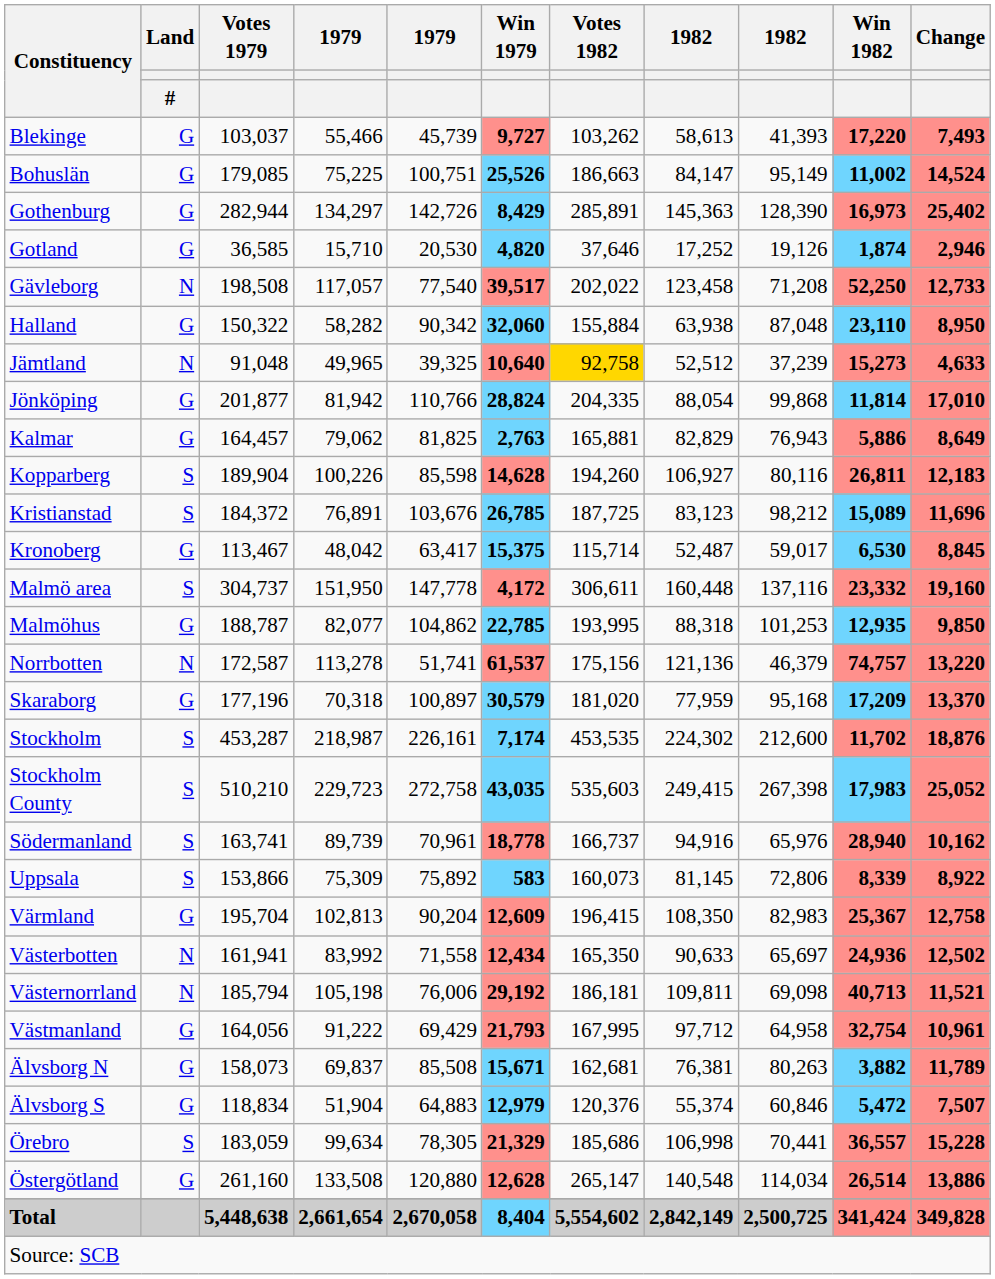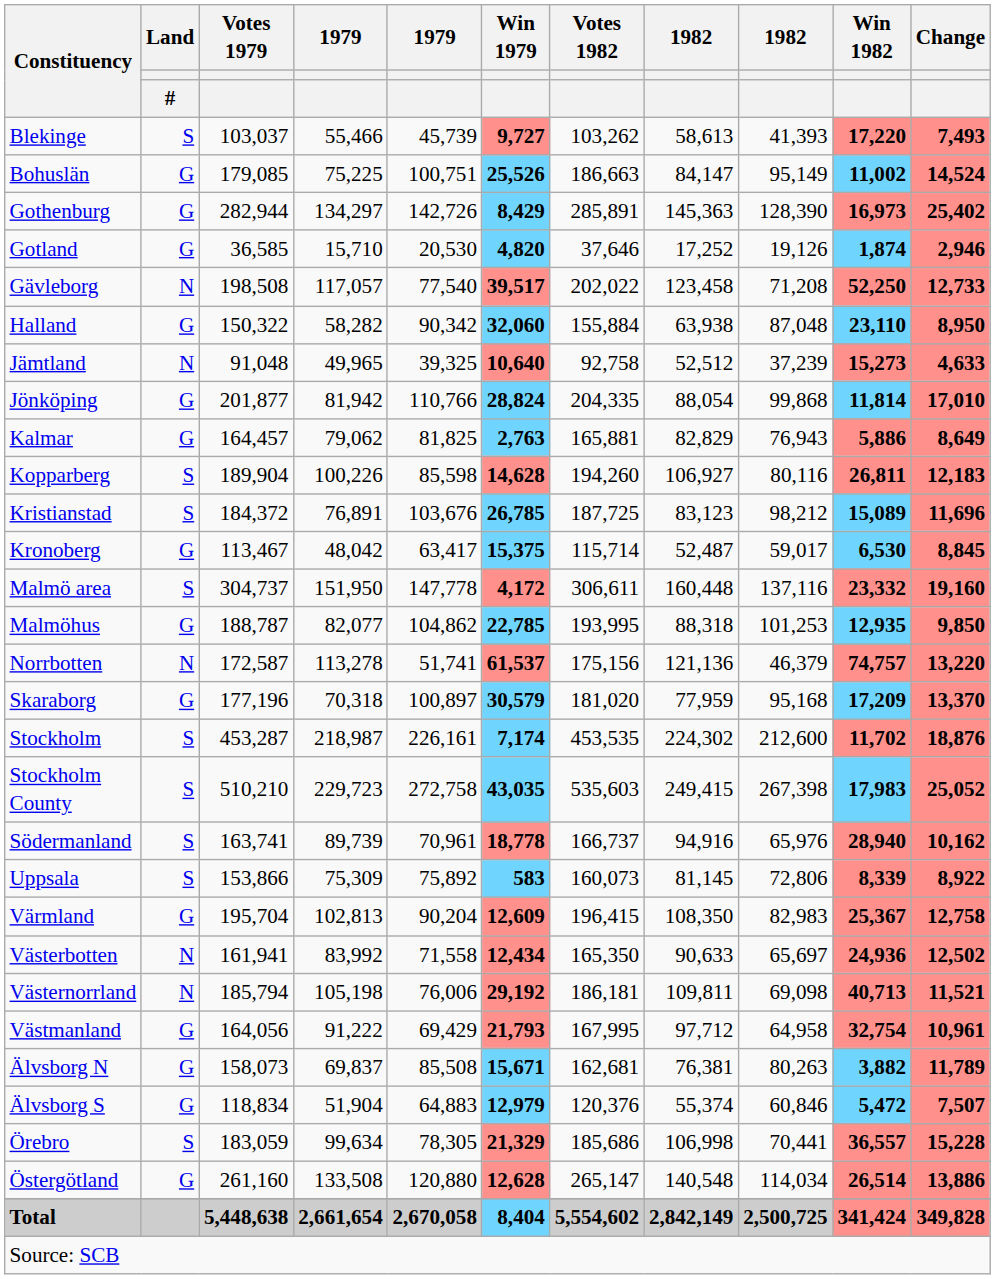 <table class="wikitable sortable" style="text-align:right; font-size:95%; line-height:20px;">
 <tr>
 <th rowspan="3">Constituency</th>
 <th>Land</th>
 <th width="30px" class="unsortable">Votes 1979</th>
 <th> 1979</th>
 <th> 1979</th>
 <th width="30px" class="unsortable">Win 1979</th>
 <th width="30px" class="unsortable">Votes 1982</th>
 <th> 1982</th>
 <th> 1982</th>
 <th width="30px" class="unsortable">Win 1982</th>
 <th width="30px" class="unsortable">Change</th>
 </tr>
 <tr>
 <th></th>
 <th></th>
 <th style="background:"></th>
 <th style="background:"></th>
 <th></th>
 <th></th>
 <th style="background:"></th>
 <th style="background:"></th>
 <th></th>
 <th></th>
 </tr>
 <tr>
 <th data-sort-type="number">#</th>
 <th data-sort-type="number"></th>
 <th data-sort-type="number"></th>
 <th data-sort-type="number"></th>
 <th data-sort-type="number"></th>
 <th data-sort-type="number"></th>
 <th data-sort-type="number"></th>
 <th data-sort-type="number"></th>
 <th data-sort-type="number"></th>
 <th data-sort-type="number"></th>
 </tr>
 <tr>
 <td align="left"><a href='#'>Blekinge</a></td>
-<td><a href='#'>G</a></td>
+<td><a href='#'>S</a></td>
 <td>103,037</td>
 <td>55,466</td>
 <td>45,739</td>
 <td bgcolor=#ff908c><strong>9,727</strong></td>
 <td>103,262</td>
 <td>58,613</td>
 <td>41,393</td>
 <td bgcolor=#ff908c><strong>17,220</strong></td>
 <td bgcolor=#ff908c><strong>7,493</strong></td>
 </tr>
 <tr>
 <td align="left"><a href='#'>Bohuslän</a></td>
 <td><a href='#'>G</a></td>
 <td>179,085</td>
 <td>75,225</td>
 <td>100,751</td>
 <td bgcolor=#6fd5fe><strong>25,526</strong></td>
 <td>186,663</td>
 <td>84,147</td>
 <td>95,149</td>
 <td bgcolor=#6fd5fe><strong>11,002</strong></td>
 <td bgcolor=#ff908c><strong>14,524</strong></td>
 </tr>
 <tr>
 <td align="left"><a href='#'>Gothenburg</a></td>
 <td><a href='#'>G</a></td>
 <td>282,944</td>
 <td>134,297</td>
 <td>142,726</td>
 <td bgcolor=#6fd5fe><strong>8,429</strong></td>
 <td>285,891</td>
 <td>145,363</td>
 <td>128,390</td>
 <td bgcolor=#ff908c><strong>16,973</strong></td>
 <td bgcolor=#ff908c><strong>25,402</strong></td>
 </tr>
 <tr>
 <td align="left"><a href='#'>Gotland</a></td>
 <td><a href='#'>G</a></td>
 <td>36,585</td>
 <td>15,710</td>
 <td>20,530</td>
 <td bgcolor=#6fd5fe><strong>4,820</strong></td>
 <td>37,646</td>
 <td>17,252</td>
 <td>19,126</td>
 <td bgcolor=#6fd5fe><strong>1,874</strong></td>
 <td bgcolor=#ff908c><strong>2,946</strong></td>
 </tr>
 <tr>
 <td align="left"><a href='#'>Gävleborg</a></td>
 <td><a href='#'>N</a></td>
 <td>198,508</td>
 <td>117,057</td>
 <td>77,540</td>
 <td bgcolor=#ff908c><strong>39,517</strong></td>
 <td>202,022</td>
 <td>123,458</td>
 <td>71,208</td>
 <td bgcolor=#ff908c><strong>52,250</strong></td>
 <td bgcolor=#ff908c><strong>12,733</strong></td>
 </tr>
 <tr>
 <td align="left"><a href='#'>Halland</a></td>
 <td><a href='#'>G</a></td>
 <td>150,322</td>
 <td>58,282</td>
 <td>90,342</td>
 <td bgcolor=#6fd5fe><strong>32,060</strong></td>
 <td>155,884</td>
 <td>63,938</td>
 <td>87,048</td>
 <td bgcolor=#6fd5fe><strong>23,110</strong></td>
 <td bgcolor=#ff908c><strong>8,950</strong></td>
 </tr>
 <tr>
 <td align="left"><a href='#'>Jämtland</a></td>
 <td><a href='#'>N</a></td>
 <td>91,048</td>
 <td>49,965</td>
 <td>39,325</td>
 <td bgcolor=#ff908c><strong>10,640</strong></td>
-<td style="background: gold;">92,758</td>
+<td>92,758</td>
 <td>52,512</td>
 <td>37,239</td>
 <td bgcolor=#ff908c><strong>15,273</strong></td>
 <td bgcolor=#ff908c><strong>4,633</strong></td>
 </tr>
 <tr>
 <td align="left"><a href='#'>Jönköping</a></td>
 <td><a href='#'>G</a></td>
 <td>201,877</td>
 <td>81,942</td>
 <td>110,766</td>
 <td bgcolor=#6fd5fe><strong>28,824</strong></td>
 <td>204,335</td>
 <td>88,054</td>
 <td>99,868</td>
 <td bgcolor=#6fd5fe><strong>11,814</strong></td>
 <td bgcolor=#ff908c><strong>17,010</strong></td>
 </tr>
 <tr>
 <td align="left"><a href='#'>Kalmar</a></td>
 <td><a href='#'>G</a></td>
 <td>164,457</td>
 <td>79,062</td>
 <td>81,825</td>
 <td bgcolor=#6fd5fe><strong>2,763</strong></td>
 <td>165,881</td>
 <td>82,829</td>
 <td>76,943</td>
 <td bgcolor=#ff908c><strong>5,886</strong></td>
 <td bgcolor=#ff908c><strong>8,649</strong></td>
 </tr>
 <tr>
 <td align="left"><a href='#'>Kopparberg</a></td>
 <td><a href='#'>S</a></td>
 <td>189,904</td>
 <td>100,226</td>
 <td>85,598</td>
 <td bgcolor=#ff908c><strong>14,628</strong></td>
 <td>194,260</td>
 <td>106,927</td>
 <td>80,116</td>
 <td bgcolor=#ff908c><strong>26,811</strong></td>
 <td bgcolor=#ff908c><strong>12,183</strong></td>
 </tr>
 <tr>
 <td align="left"><a href='#'>Kristianstad</a></td>
 <td><a href='#'>S</a></td>
 <td>184,372</td>
 <td>76,891</td>
 <td>103,676</td>
 <td bgcolor=#6fd5fe><strong>26,785</strong></td>
 <td>187,725</td>
 <td>83,123</td>
 <td>98,212</td>
 <td bgcolor=#6fd5fe><strong>15,089</strong></td>
 <td bgcolor=#ff908c><strong>11,696</strong></td>
 </tr>
 <tr>
 <td align="left"><a href='#'>Kronoberg</a></td>
 <td><a href='#'>G</a></td>
 <td>113,467</td>
 <td>48,042</td>
 <td>63,417</td>
 <td bgcolor=#6fd5fe><strong>15,375</strong></td>
 <td>115,714</td>
 <td>52,487</td>
 <td>59,017</td>
 <td bgcolor=#6fd5fe><strong>6,530</strong></td>
 <td bgcolor=#ff908c><strong>8,845</strong></td>
 </tr>
 <tr>
 <td align="left"><a href='#'>Malmö area</a></td>
 <td><a href='#'>S</a></td>
 <td>304,737</td>
 <td>151,950</td>
 <td>147,778</td>
 <td bgcolor=#ff908c><strong>4,172</strong></td>
 <td>306,611</td>
 <td>160,448</td>
 <td>137,116</td>
 <td bgcolor=#ff908c><strong>23,332</strong></td>
 <td bgcolor=#ff908c><strong>19,160</strong></td>
 </tr>
 <tr>
 <td align="left"><a href='#'>Malmöhus</a></td>
 <td><a href='#'>G</a></td>
 <td>188,787</td>
 <td>82,077</td>
 <td>104,862</td>
 <td bgcolor=#6fd5fe><strong>22,785</strong></td>
 <td>193,995</td>
 <td>88,318</td>
 <td>101,253</td>
 <td bgcolor=#6fd5fe><strong>12,935</strong></td>
 <td bgcolor=#ff908c><strong>9,850</strong></td>
 </tr>
 <tr>
 <td align="left"><a href='#'>Norrbotten</a></td>
 <td><a href='#'>N</a></td>
 <td>172,587</td>
 <td>113,278</td>
 <td>51,741</td>
 <td bgcolor=#ff908c><strong>61,537</strong></td>
 <td>175,156</td>
 <td>121,136</td>
 <td>46,379</td>
 <td bgcolor=#ff908c><strong>74,757</strong></td>
 <td bgcolor=#ff908c><strong>13,220</strong></td>
 </tr>
 <tr>
 <td align="left"><a href='#'>Skaraborg</a></td>
 <td><a href='#'>G</a></td>
 <td>177,196</td>
 <td>70,318</td>
 <td>100,897</td>
 <td bgcolor=#6fd5fe><strong>30,579</strong></td>
 <td>181,020</td>
 <td>77,959</td>
 <td>95,168</td>
 <td bgcolor=#6fd5fe><strong>17,209</strong></td>
 <td bgcolor=#ff908c><strong>13,370</strong></td>
 </tr>
 <tr>
 <td align="left"><a href='#'>Stockholm</a></td>
 <td><a href='#'>S</a></td>
 <td>453,287</td>
 <td>218,987</td>
 <td>226,161</td>
 <td bgcolor=#6fd5fe><strong>7,174</strong></td>
 <td>453,535</td>
 <td>224,302</td>
 <td>212,600</td>
 <td bgcolor=#ff908c><strong>11,702</strong></td>
 <td bgcolor=#ff908c><strong>18,876</strong></td>
 </tr>
 <tr>
 <td align="left"><a href='#'>Stockholm County</a></td>
 <td><a href='#'>S</a></td>
 <td>510,210</td>
 <td>229,723</td>
 <td>272,758</td>
 <td bgcolor=#6fd5fe><strong>43,035</strong></td>
 <td>535,603</td>
 <td>249,415</td>
 <td>267,398</td>
 <td bgcolor=#6fd5fe><strong>17,983</strong></td>
 <td bgcolor=#ff908c><strong>25,052</strong></td>
 </tr>
 <tr>
 <td align="left"><a href='#'>Södermanland</a></td>
 <td><a href='#'>S</a></td>
 <td>163,741</td>
 <td>89,739</td>
 <td>70,961</td>
 <td bgcolor=#ff908c><strong>18,778</strong></td>
 <td>166,737</td>
 <td>94,916</td>
 <td>65,976</td>
 <td bgcolor=#ff908c><strong>28,940</strong></td>
 <td bgcolor=#ff908c><strong>10,162</strong></td>
 </tr>
 <tr>
 <td align="left"><a href='#'>Uppsala</a></td>
 <td><a href='#'>S</a></td>
 <td>153,866</td>
 <td>75,309</td>
 <td>75,892</td>
 <td bgcolor=#6fd5fe><strong>583</strong></td>
 <td>160,073</td>
 <td>81,145</td>
 <td>72,806</td>
 <td bgcolor=#ff908c><strong>8,339</strong></td>
 <td bgcolor=#ff908c><strong>8,922</strong></td>
 </tr>
 <tr>
 <td align="left"><a href='#'>Värmland</a></td>
 <td><a href='#'>G</a></td>
 <td>195,704</td>
 <td>102,813</td>
 <td>90,204</td>
 <td bgcolor=#ff908c><strong>12,609</strong></td>
 <td>196,415</td>
 <td>108,350</td>
 <td>82,983</td>
 <td bgcolor=#ff908c><strong>25,367</strong></td>
 <td bgcolor=#ff908c><strong>12,758</strong></td>
 </tr>
 <tr>
 <td align="left"><a href='#'>Västerbotten</a></td>
 <td><a href='#'>N</a></td>
 <td>161,941</td>
 <td>83,992</td>
 <td>71,558</td>
 <td bgcolor=#ff908c><strong>12,434</strong></td>
 <td>165,350</td>
 <td>90,633</td>
 <td>65,697</td>
 <td bgcolor=#ff908c><strong>24,936</strong></td>
 <td bgcolor=#ff908c><strong>12,502</strong></td>
 </tr>
 <tr>
 <td align="left"><a href='#'>Västernorrland</a></td>
 <td><a href='#'>N</a></td>
 <td>185,794</td>
 <td>105,198</td>
 <td>76,006</td>
 <td bgcolor=#ff908c><strong>29,192</strong></td>
 <td>186,181</td>
 <td>109,811</td>
 <td>69,098</td>
 <td bgcolor=#ff908c><strong>40,713</strong></td>
 <td bgcolor=#ff908c><strong>11,521</strong></td>
 </tr>
 <tr>
 <td align="left"><a href='#'>Västmanland</a></td>
 <td><a href='#'>G</a></td>
 <td>164,056</td>
 <td>91,222</td>
 <td>69,429</td>
 <td bgcolor=#ff908c><strong>21,793</strong></td>
 <td>167,995</td>
 <td>97,712</td>
 <td>64,958</td>
 <td bgcolor=#ff908c><strong>32,754</strong></td>
 <td bgcolor=#ff908c><strong>10,961</strong></td>
 </tr>
 <tr>
 <td align="left"><a href='#'>Älvsborg N</a></td>
 <td><a href='#'>G</a></td>
 <td>158,073</td>
 <td>69,837</td>
 <td>85,508</td>
 <td bgcolor=#6fd5fe><strong>15,671</strong></td>
 <td>162,681</td>
 <td>76,381</td>
 <td>80,263</td>
 <td bgcolor=#6fd5fe><strong>3,882</strong></td>
 <td bgcolor=#ff908c><strong>11,789</strong></td>
 </tr>
 <tr>
 <td align="left"><a href='#'>Älvsborg S</a></td>
 <td><a href='#'>G</a></td>
 <td>118,834</td>
 <td>51,904</td>
 <td>64,883</td>
 <td bgcolor=#6fd5fe><strong>12,979</strong></td>
 <td>120,376</td>
 <td>55,374</td>
 <td>60,846</td>
 <td bgcolor=#6fd5fe><strong>5,472</strong></td>
 <td bgcolor=#ff908c><strong>7,507</strong></td>
 </tr>
 <tr>
 <td align="left"><a href='#'>Örebro</a></td>
 <td><a href='#'>S</a></td>
 <td>183,059</td>
 <td>99,634</td>
 <td>78,305</td>
 <td bgcolor=#ff908c><strong>21,329</strong></td>
 <td>185,686</td>
 <td>106,998</td>
 <td>70,441</td>
 <td bgcolor=#ff908c><strong>36,557</strong></td>
 <td bgcolor=#ff908c><strong>15,228</strong></td>
 </tr>
 <tr>
 <td align="left"><a href='#'>Östergötland</a></td>
 <td><a href='#'>G</a></td>
 <td>261,160</td>
 <td>133,508</td>
 <td>120,880</td>
 <td bgcolor=#ff908c><strong>12,628</strong></td>
 <td>265,147</td>
 <td>140,548</td>
 <td>114,034</td>
 <td bgcolor=#ff908c><strong>26,514</strong></td>
 <td bgcolor=#ff908c><strong>13,886</strong></td>
 </tr>
 <tr>
 </tr>
 <tr style="background:#CDCDCD;">
 <td align="left"><strong>Total</strong></td>
 <td></td>
 <td><strong>5,448,638</strong></td>
 <td><strong>2,661,654</strong></td>
 <td><strong>2,670,058</strong></td>
 <td bgcolor=#6fd5fe><strong>8,404</strong></td>
 <td><strong>5,554,602</strong></td>
 <td><strong>2,842,149</strong></td>
 <td><strong>2,500,725</strong></td>
 <td bgcolor=#ff908c><strong>341,424</strong></td>
 <td bgcolor=#ff908c><strong>349,828</strong></td>
 </tr>
 <tr>
 <td colspan="11" align="left">Source: <a href='#'>SCB</a></td>
 </tr>
 </table>
